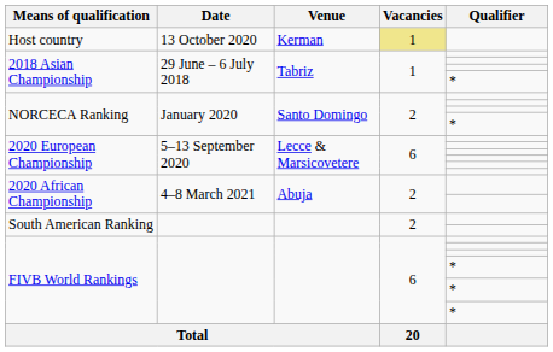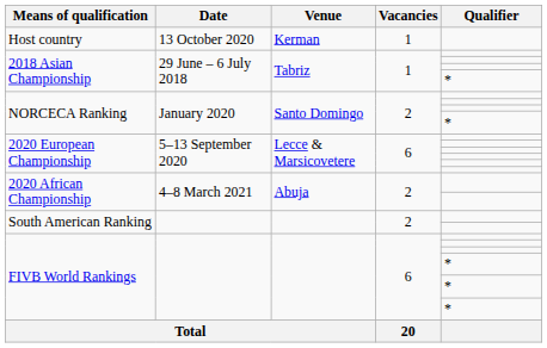 <table class="wikitable">
 <tr>
 <th width=30%>Means of qualification</th>
 <th width=23%>Date</th>
 <th width=20%>Venue</th>
 <th width=7%>Vacancies</th>
 <th width=20%>Qualifier</th>
 </tr>
 <tr>
 <td>Host country</td>
 <td>13 October 2020</td>
 <td> <a href='#'>Kerman</a></td>
-<td align="center" style="background: khaki;">1</td>
+<td align="center">1</td>
 <td></td>
 </tr>
 <tr>
 <td rowspan="4"><a href='#'>2018 Asian Championship</a></td>
 <td rowspan="4">29 June – 6 July 2018</td>
 <td rowspan="4"> <a href='#'>Tabriz</a></td>
 <td rowspan="4" align="center">1</td>
 <td><s></s></td>
 </tr>
 <tr>
 <td><s></s></td>
 </tr>
 <tr>
 <td><s></s></td>
 </tr>
 <tr>
 <td>*</td>
 </tr>
 <tr>
 <td rowspan="4">NORCECA Ranking</td>
 <td rowspan="4">January 2020</td>
 <td rowspan="4"> <a href='#'>Santo Domingo</a></td>
 <td rowspan="4" align="center">2</td>
 <td></td>
 </tr>
 <tr>
 <td><s></s></td>
 </tr>
 <tr>
 <td><s></s></td>
 </tr>
 <tr>
 <td>*</td>
 </tr>
 <tr>
 <td rowspan="6"><a href='#'>2020 European Championship</a></td>
 <td rowspan="6">5–13 September 2020</td>
 <td rowspan="6"> <a href='#'>Lecce</a> & <a href='#'>Marsicovetere</a></td>
 <td rowspan="6" align="center">6</td>
 <td></td>
 </tr>
 <tr>
 <td></td>
 </tr>
 <tr>
 <td></td>
 </tr>
 <tr>
 <td></td>
 </tr>
 <tr>
 <td></td>
 </tr>
 <tr>
 <td></td>
 </tr>
 <tr>
 <td rowspan="2"><a href='#'>2020 African Championship</a></td>
 <td rowspan="2">4–8 March 2021</td>
 <td rowspan="2"> <a href='#'>Abuja</a></td>
 <td rowspan="2" align="center">2</td>
 <td></td>
 </tr>
 <tr>
 <td></td>
 </tr>
 <tr>
 <td rowspan="2">South American Ranking</td>
 <td rowspan="2"></td>
 <td rowspan="2"></td>
 <td rowspan="2" align="center">2</td>
 <td></td>
 </tr>
 <tr>
 <td></td>
 </tr>
 <tr>
 <td rowspan="6"><a href='#'>FIVB World Rankings</a></td>
 <td rowspan="6"></td>
 <td rowspan="6"></td>
 <td rowspan="6" align="center">6</td>
 <td></td>
 </tr>
 <tr>
 <td></td>
 </tr>
 <tr>
 <td></td>
 </tr>
 <tr>
 <td>*</td>
 </tr>
 <tr>
 <td>*</td>
 </tr>
 <tr>
 <td>*</td>
 </tr>
 <tr>
 <th colspan="3">Total</th>
 <th>20</th>
 <th></th>
 </tr>
 </table>
